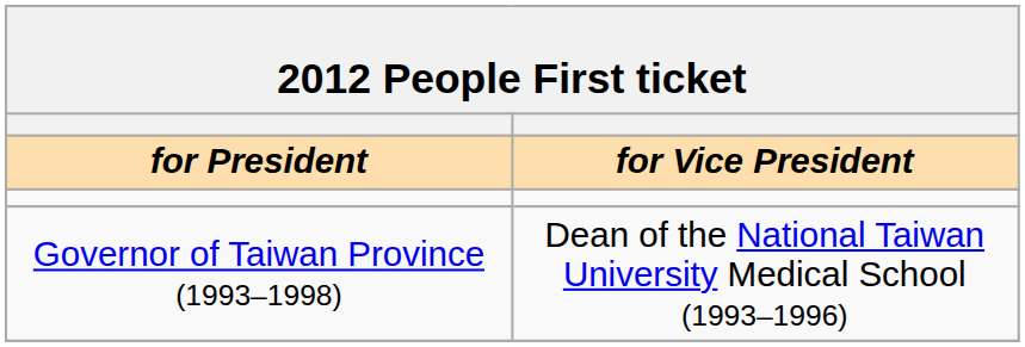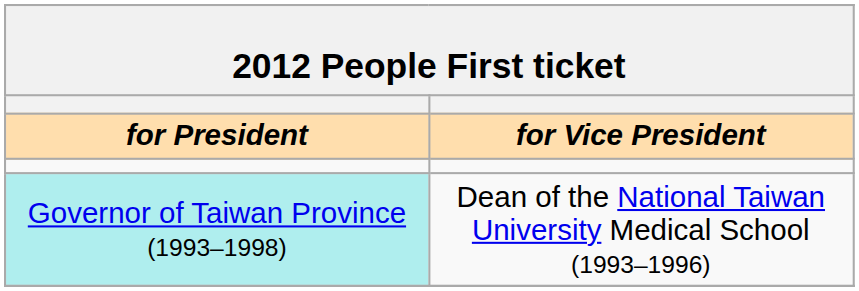 <table class="wikitable" style="font-size:90%; text-align:center;">
 <tr>
 <td colspan="28" style="background:#f1f1f1;"><br><big><strong>2012 People First ticket</strong></big></td>
 </tr>
 <tr>
 <th style="width:3em; font-size:135%; background:"></th>
 <th style="width:3em; font-size:135%; background:"></th>
 </tr>
 <tr style="color:#000; font-size:100%; background: NavajoWhite;">
 <td style="width:3em; width:200px;"><strong><em>for President</em></strong></td>
 <td style="width:3em; width:200px;"><strong><em>for Vice President</em></strong></td>
 </tr>
 <tr>
 <td></td>
 <td></td>
 </tr>
 <tr>
-<td><a href='#'>Governor of Taiwan Province</a><br><small>(1993–1998)</small></td>
+<td style="background: paleturquoise;"><a href='#'>Governor of Taiwan Province</a><br><small>(1993–1998)</small></td>
 <td>Dean of the <a href='#'>National Taiwan<br> University</a> Medical School<br><small>(1993–1996)</small></td>
 </tr>
 <tr>
 </tr>
 </table>
